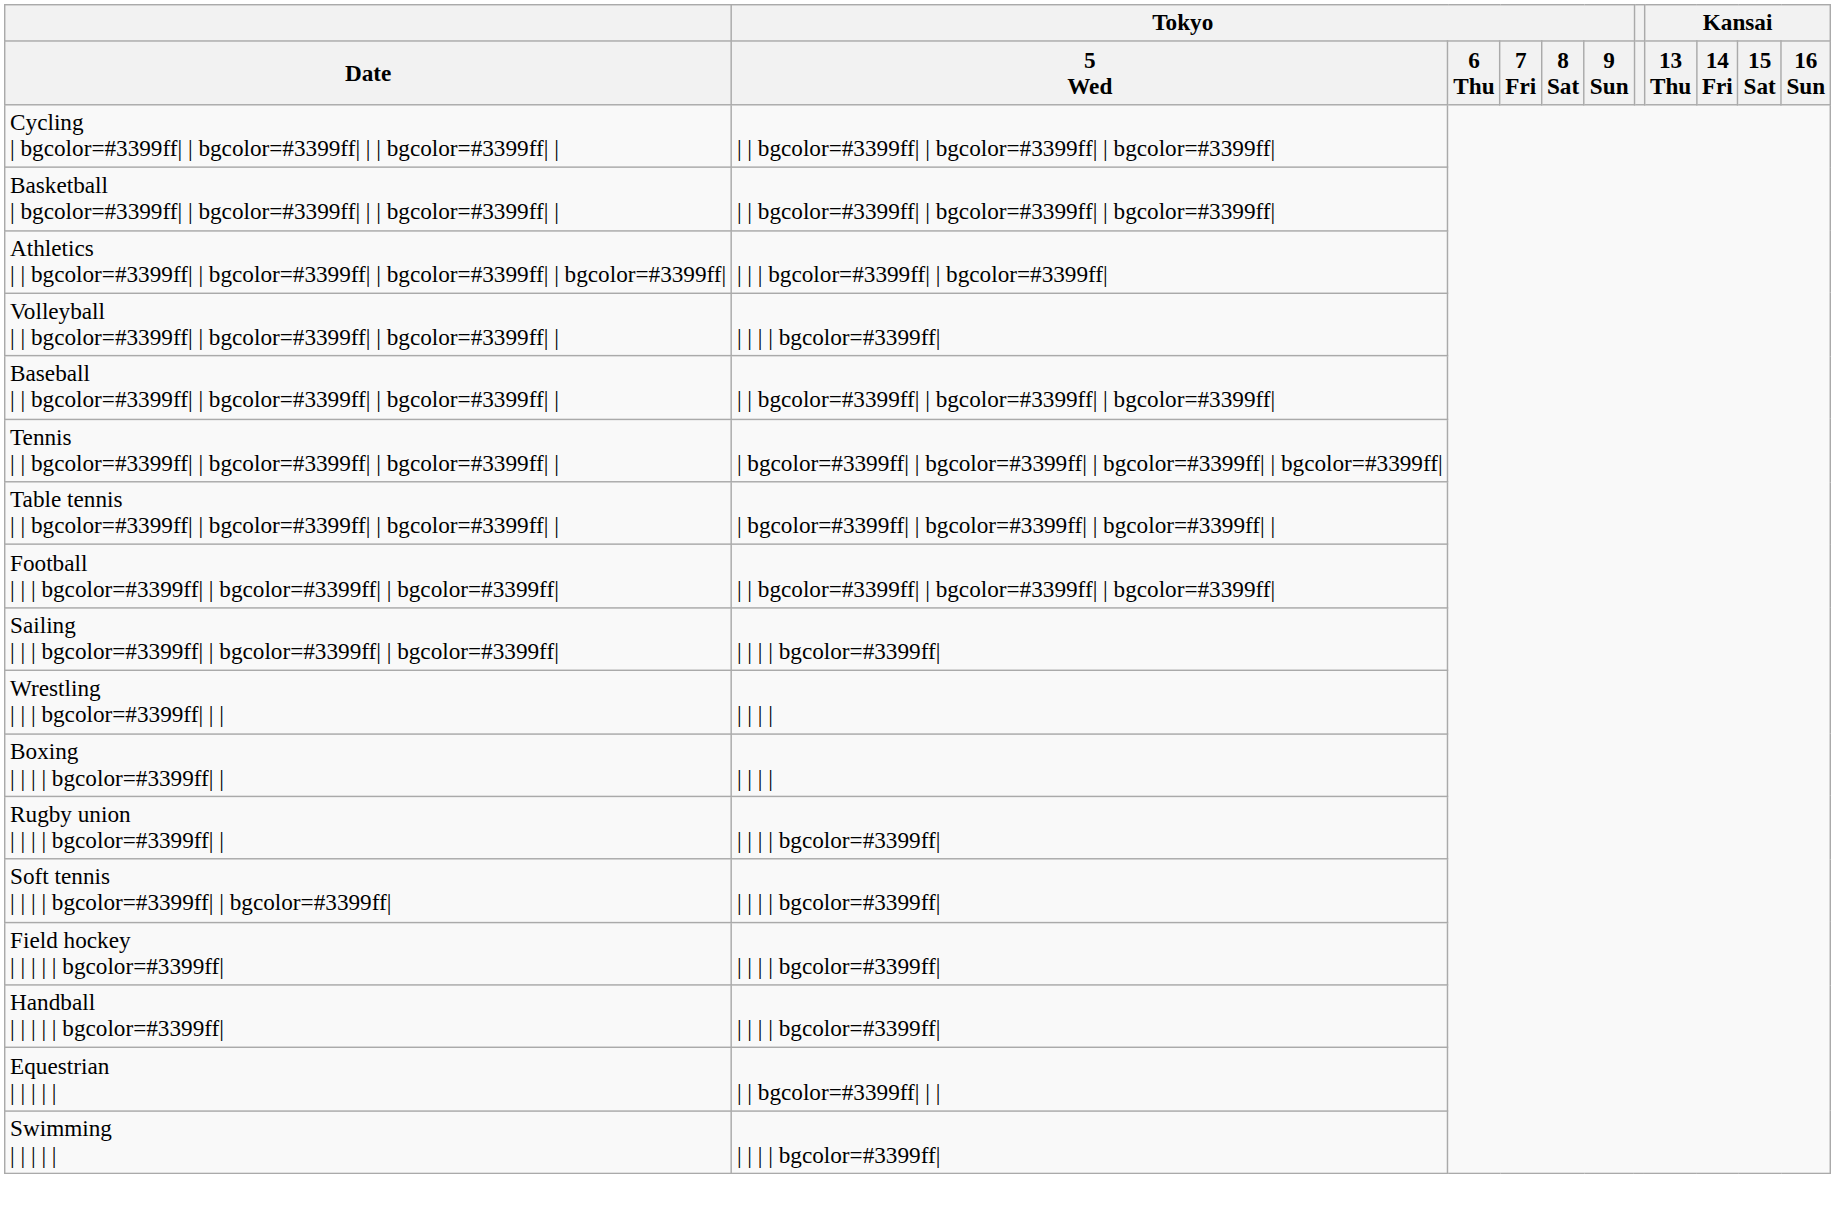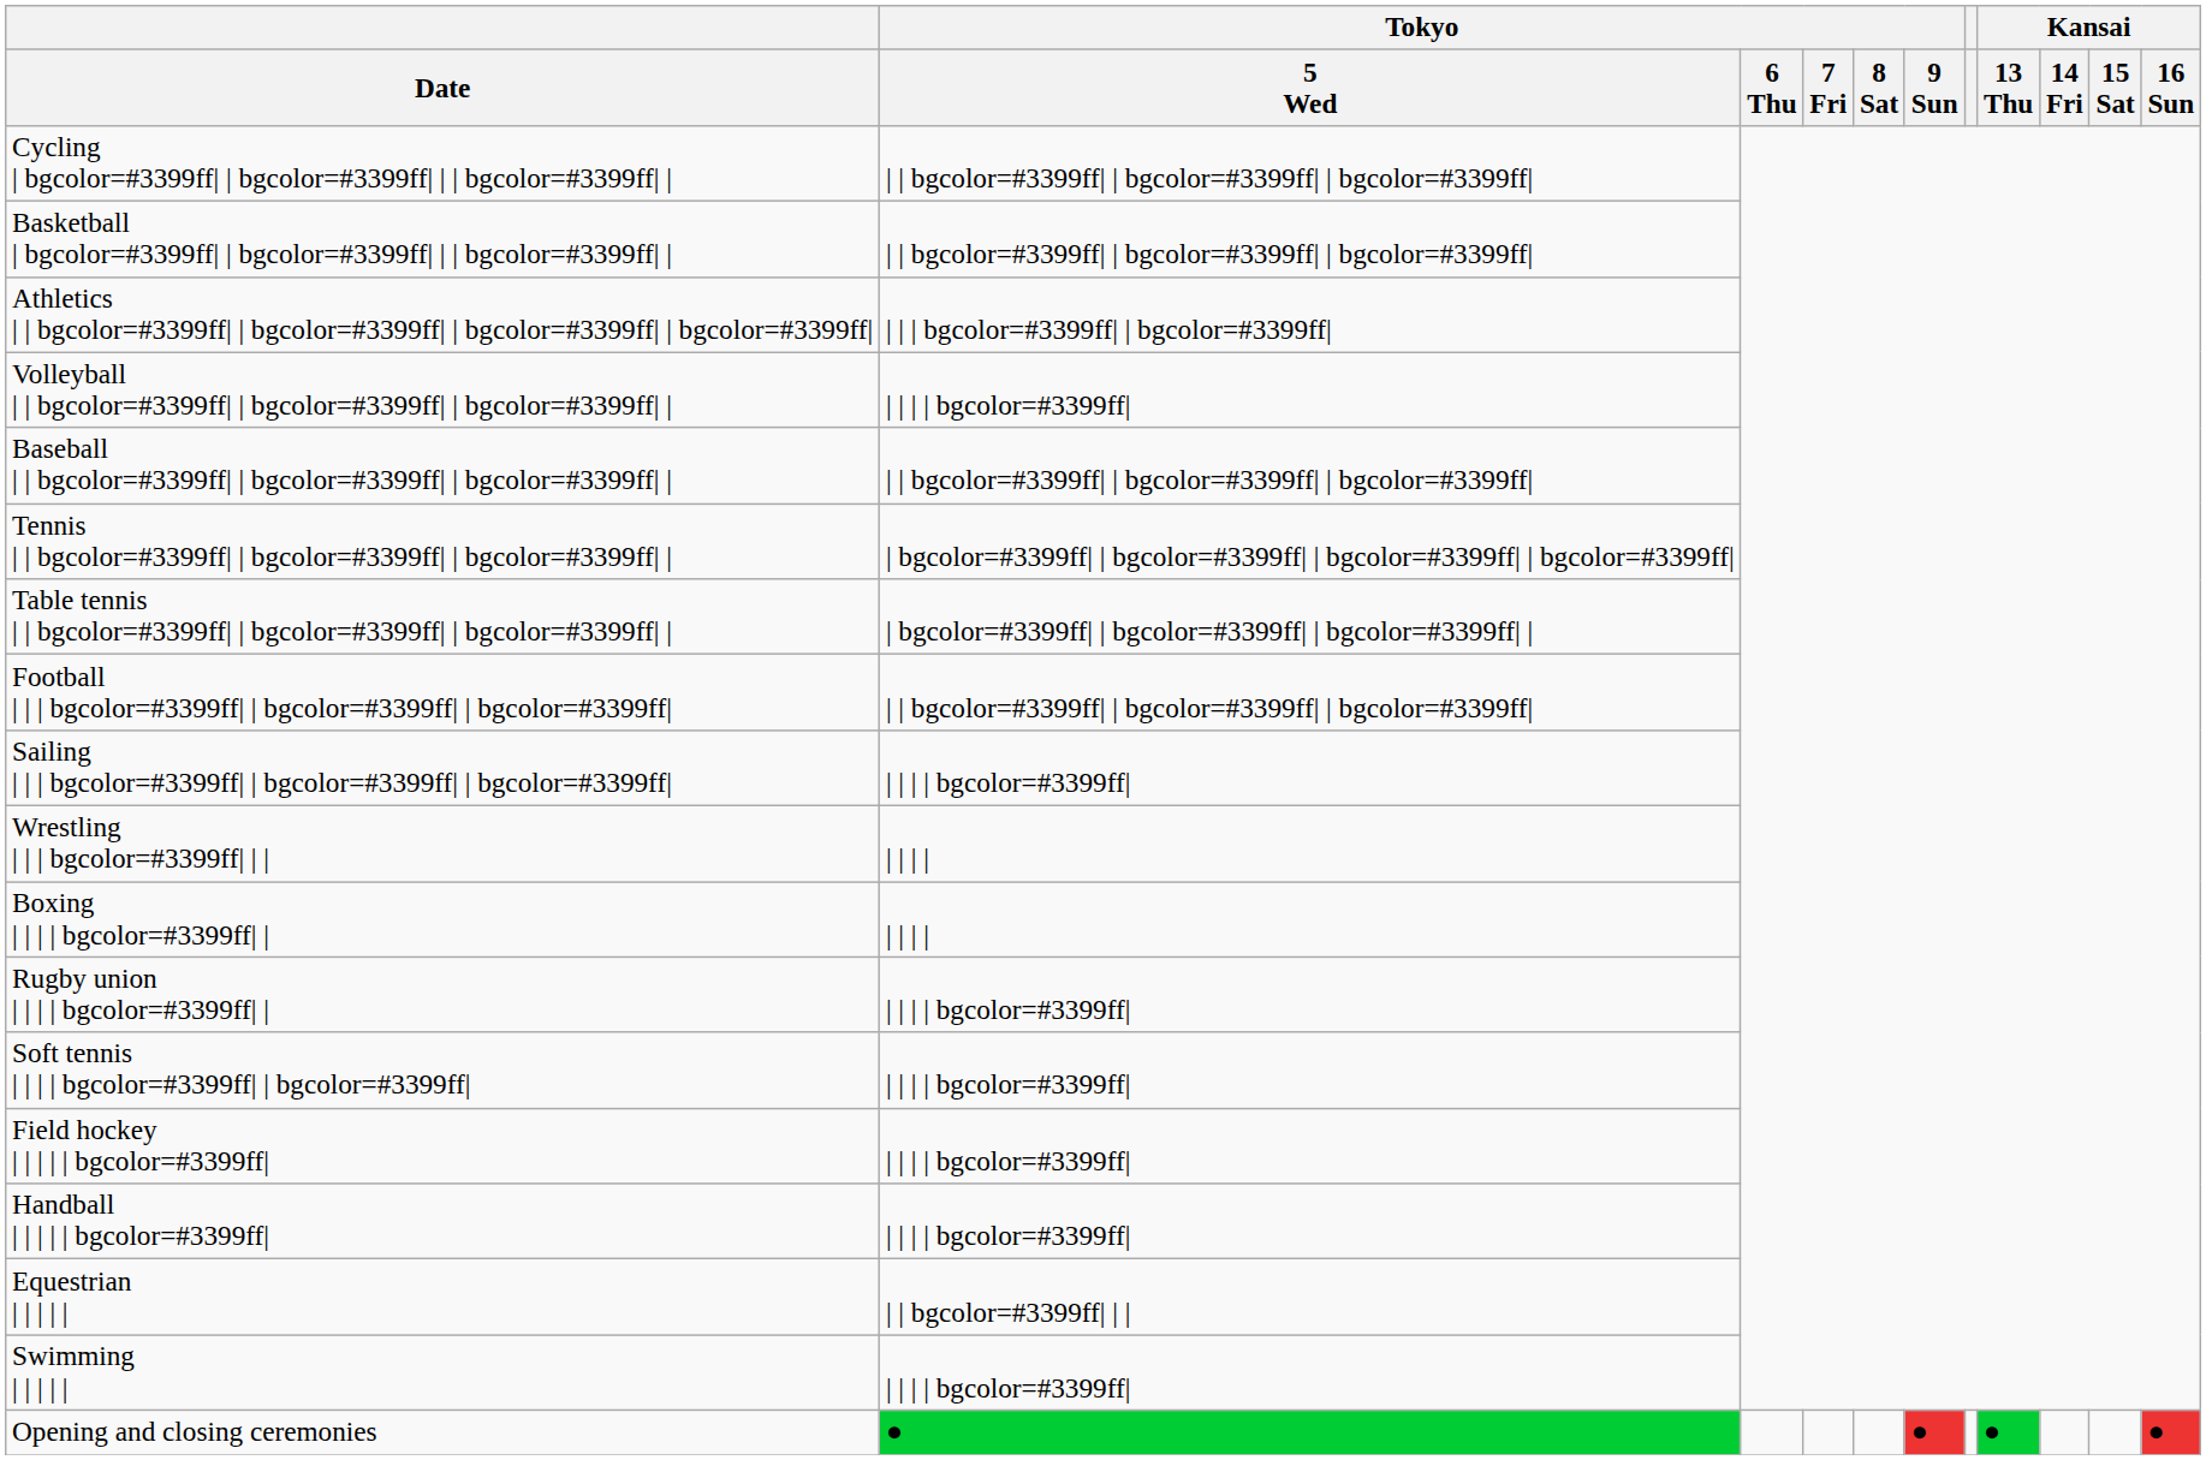 <table class="wikitable" style="text-align:left;">
 <tr>
 <th></th>
 <th colspan="5">Tokyo</th>
 <th></th>
 <th colspan="4">Kansai</th>
 </tr>
 <tr>
 <th>Date</th>
 <th>5<br><abbr>Wed</abbr></th>
 <th>6<br><abbr>Thu</abbr></th>
 <th>7<br><abbr>Fri</abbr></th>
 <th>8<br><abbr>Sat</abbr></th>
 <th>9<br><abbr>Sun</abbr></th>
 <th></th>
 <th>13<br><abbr>Thu</abbr></th>
 <th>14<br><abbr>Fri</abbr></th>
 <th>15<br><abbr>Sat</abbr></th>
 <th>16<br><abbr>Sun</abbr></th>
 </tr>
 <tr>
 <td> Cycling<br>| bgcolor=#3399ff| | bgcolor=#3399ff| |  | bgcolor=#3399ff| |</td>
 <td><br>| | bgcolor=#3399ff| | bgcolor=#3399ff| | bgcolor=#3399ff|</td>
 </tr>
 <tr>
 <td> Basketball<br>| bgcolor=#3399ff| | bgcolor=#3399ff|  | | bgcolor=#3399ff| |</td>
 <td><br>| | bgcolor=#3399ff| | bgcolor=#3399ff| | bgcolor=#3399ff|</td>
 </tr>
 <tr>
 <td> Athletics<br>|  | bgcolor=#3399ff| | bgcolor=#3399ff| | bgcolor=#3399ff| | bgcolor=#3399ff|</td>
 <td><br>| | | bgcolor=#3399ff| | bgcolor=#3399ff|</td>
 </tr>
 <tr>
 <td> Volleyball<br>|  | bgcolor=#3399ff| | bgcolor=#3399ff| | bgcolor=#3399ff| |</td>
 <td><br>| | | | bgcolor=#3399ff|</td>
 </tr>
 <tr>
 <td> Baseball<br>|  | bgcolor=#3399ff| | bgcolor=#3399ff| | bgcolor=#3399ff| |</td>
 <td><br>| | bgcolor=#3399ff| | bgcolor=#3399ff| | bgcolor=#3399ff|</td>
 </tr>
 <tr>
 <td> Tennis<br>|  | bgcolor=#3399ff| | bgcolor=#3399ff| | bgcolor=#3399ff| |</td>
 <td><br>| bgcolor=#3399ff| | bgcolor=#3399ff| | bgcolor=#3399ff| | bgcolor=#3399ff|</td>
 </tr>
 <tr>
 <td> Table tennis<br>|  | bgcolor=#3399ff| | bgcolor=#3399ff| | bgcolor=#3399ff| |</td>
 <td><br>| bgcolor=#3399ff| | bgcolor=#3399ff| | bgcolor=#3399ff| |</td>
 </tr>
 <tr>
 <td> Football<br>|  |  | bgcolor=#3399ff| | bgcolor=#3399ff| | bgcolor=#3399ff|</td>
 <td><br>| | bgcolor=#3399ff| | bgcolor=#3399ff| | bgcolor=#3399ff|</td>
 </tr>
 <tr>
 <td> Sailing<br>|  |  | bgcolor=#3399ff| | bgcolor=#3399ff| | bgcolor=#3399ff|</td>
 <td><br>| | | | bgcolor=#3399ff|</td>
 </tr>
 <tr>
 <td> Wrestling<br>|  |  | bgcolor=#3399ff| | |</td>
 <td><br>| | | |</td>
 </tr>
 <tr>
 <td> Boxing<br>|  |  |  | bgcolor=#3399ff| |</td>
 <td><br>| | | |</td>
 </tr>
 <tr>
 <td> Rugby union<br>|  |  |  | bgcolor=#3399ff| |</td>
 <td><br>| | | | bgcolor=#3399ff|</td>
 </tr>
 <tr>
 <td> Soft tennis<br>|  |  |  | bgcolor=#3399ff| | bgcolor=#3399ff|</td>
 <td><br>| | | | bgcolor=#3399ff|</td>
 </tr>
 <tr>
 <td> Field hockey<br>|  |  | | | bgcolor=#3399ff|</td>
 <td><br>| | | | bgcolor=#3399ff|</td>
 </tr>
 <tr>
 <td> Handball<br>|  |  | | | bgcolor=#3399ff|</td>
 <td><br>| | | | bgcolor=#3399ff|</td>
 </tr>
 <tr>
 <td> Equestrian<br>|  |  | | |</td>
 <td><br>| | bgcolor=#3399ff| | |</td>
 </tr>
 <tr>
 <td> Swimming<br>|  |  | | |</td>
 <td><br>| | | | bgcolor=#3399ff|</td>
 </tr>
+<tr>
+<td>Opening and closing ceremonies</td>
+<td bgcolor=#00cc33>●</td>
+<td></td>
+<td></td>
+<td></td>
+<td bgcolor=#ee3333>●</td>
+<td></td>
+<td bgcolor=#00cc33>●</td>
+<td></td>
+<td></td>
+<td bgcolor=#ee3333>●</td>
+</tr>
 </table>
